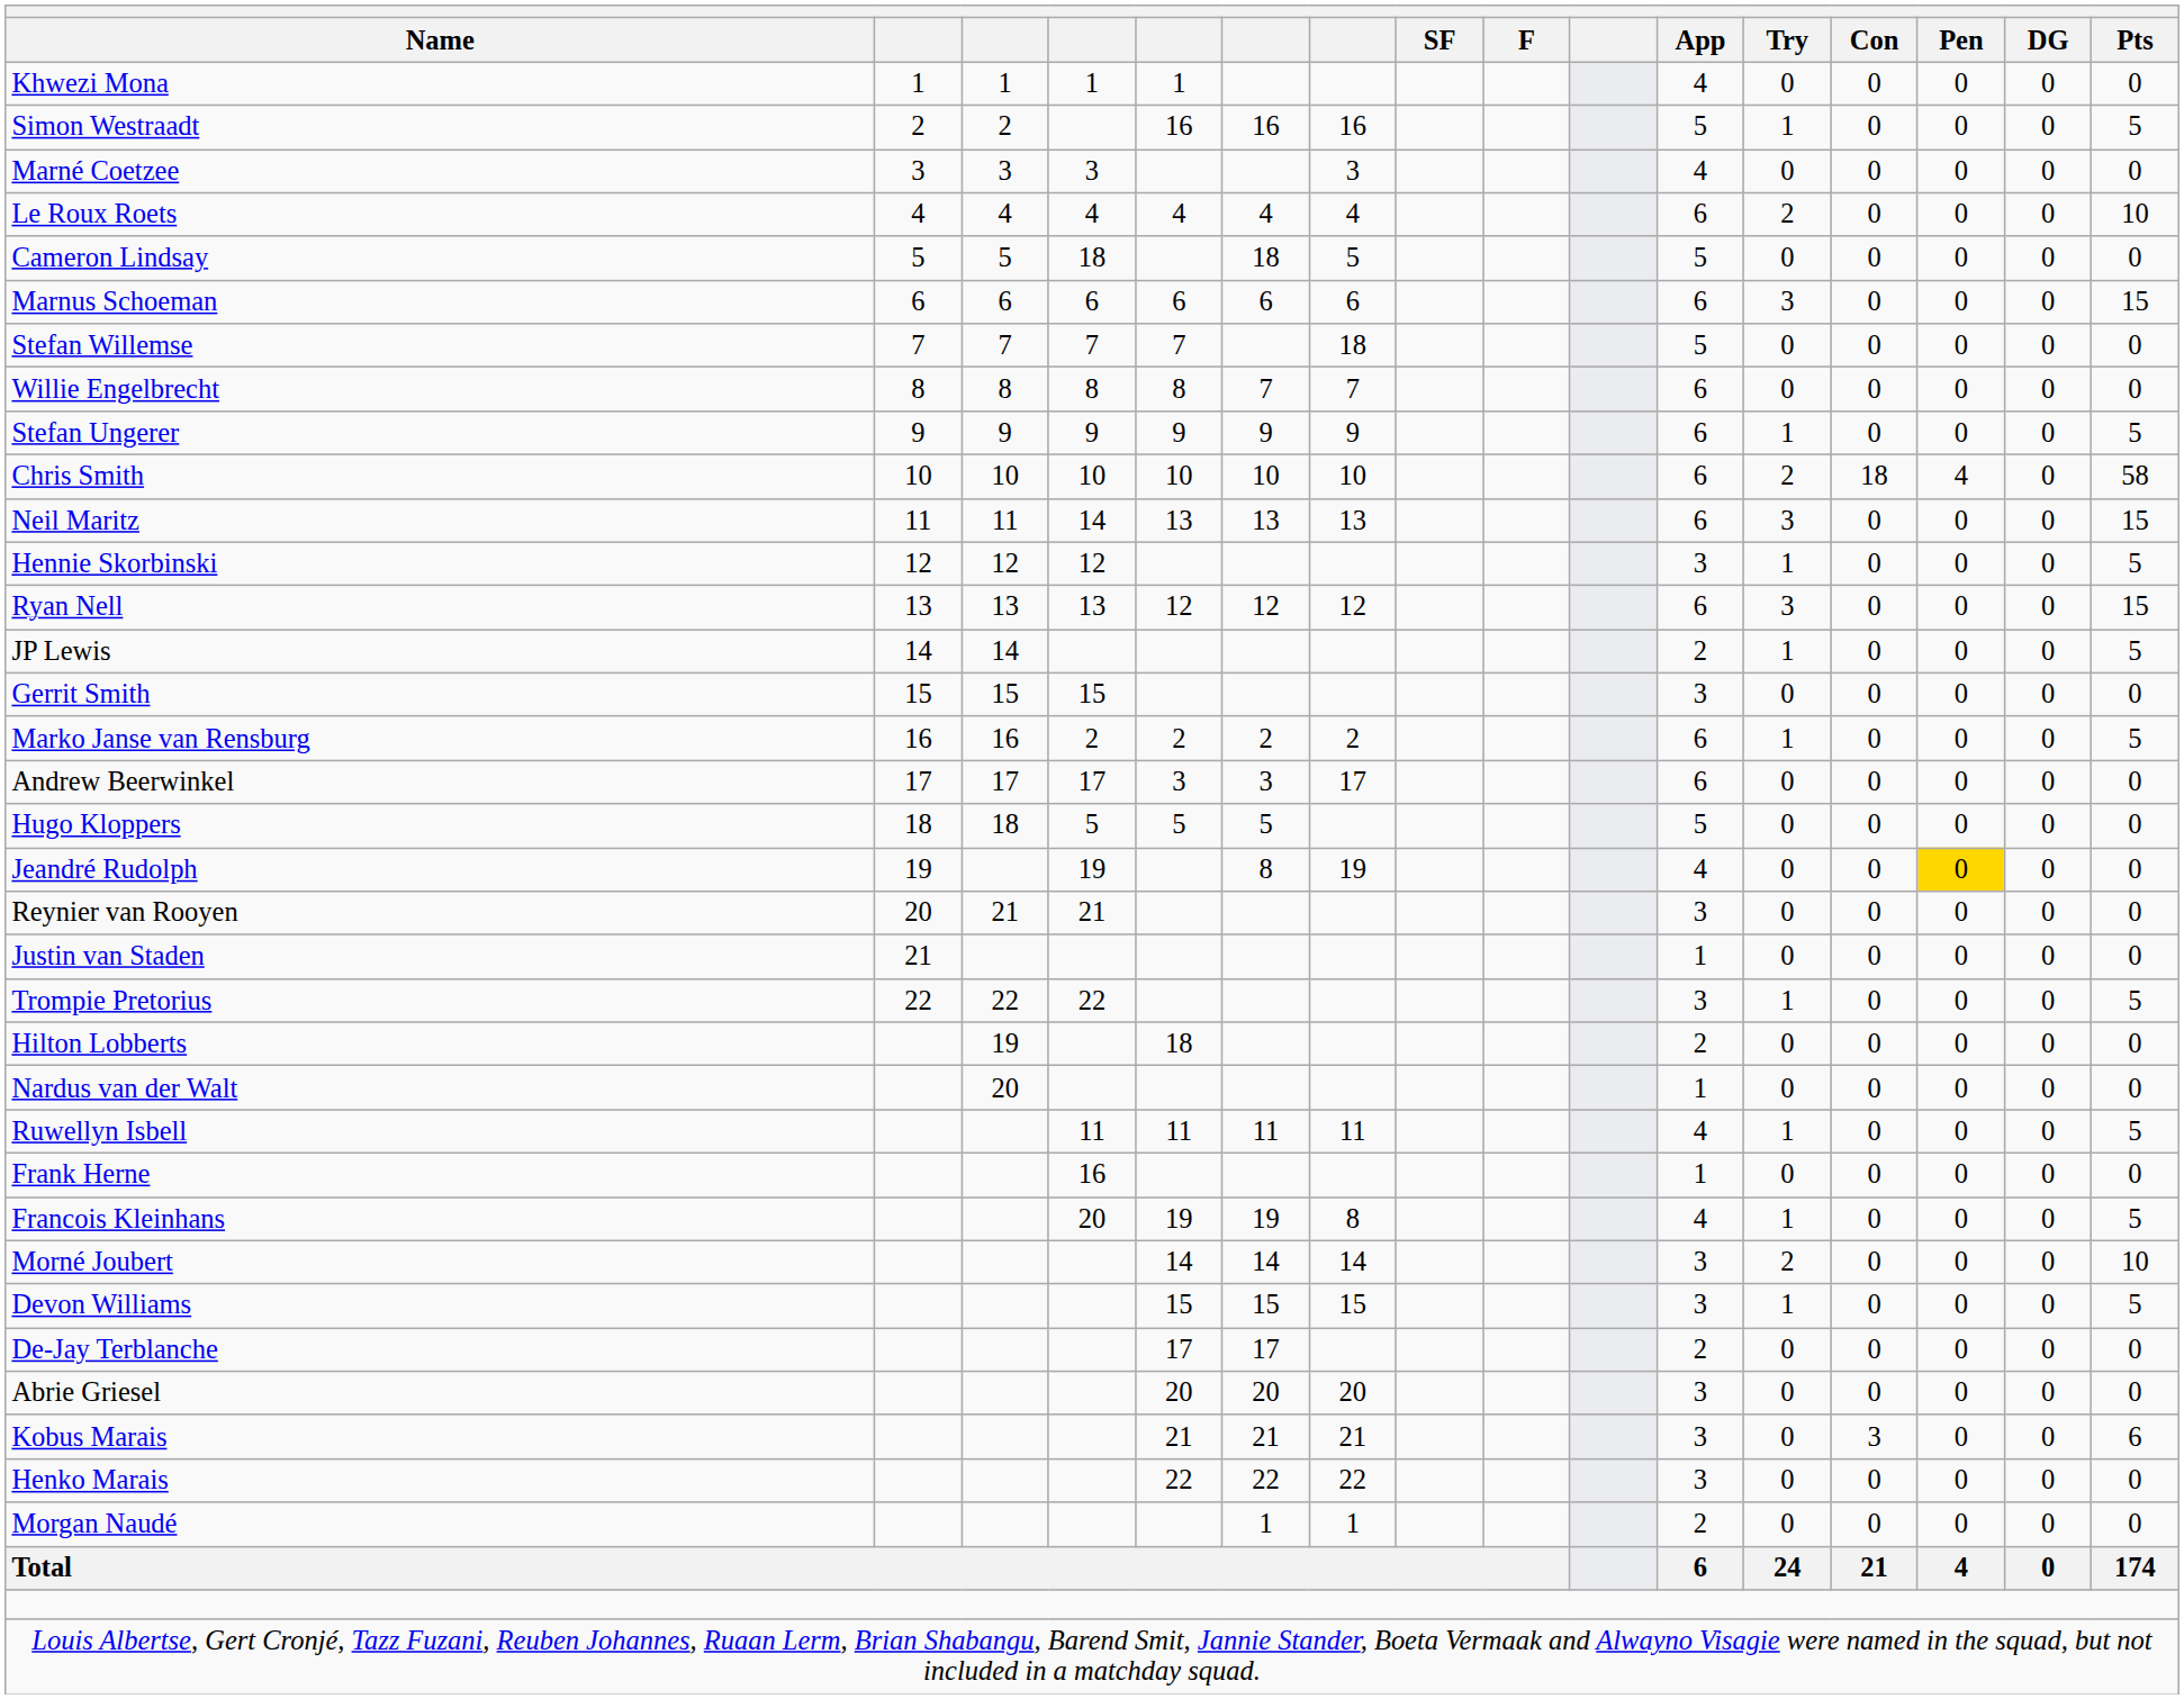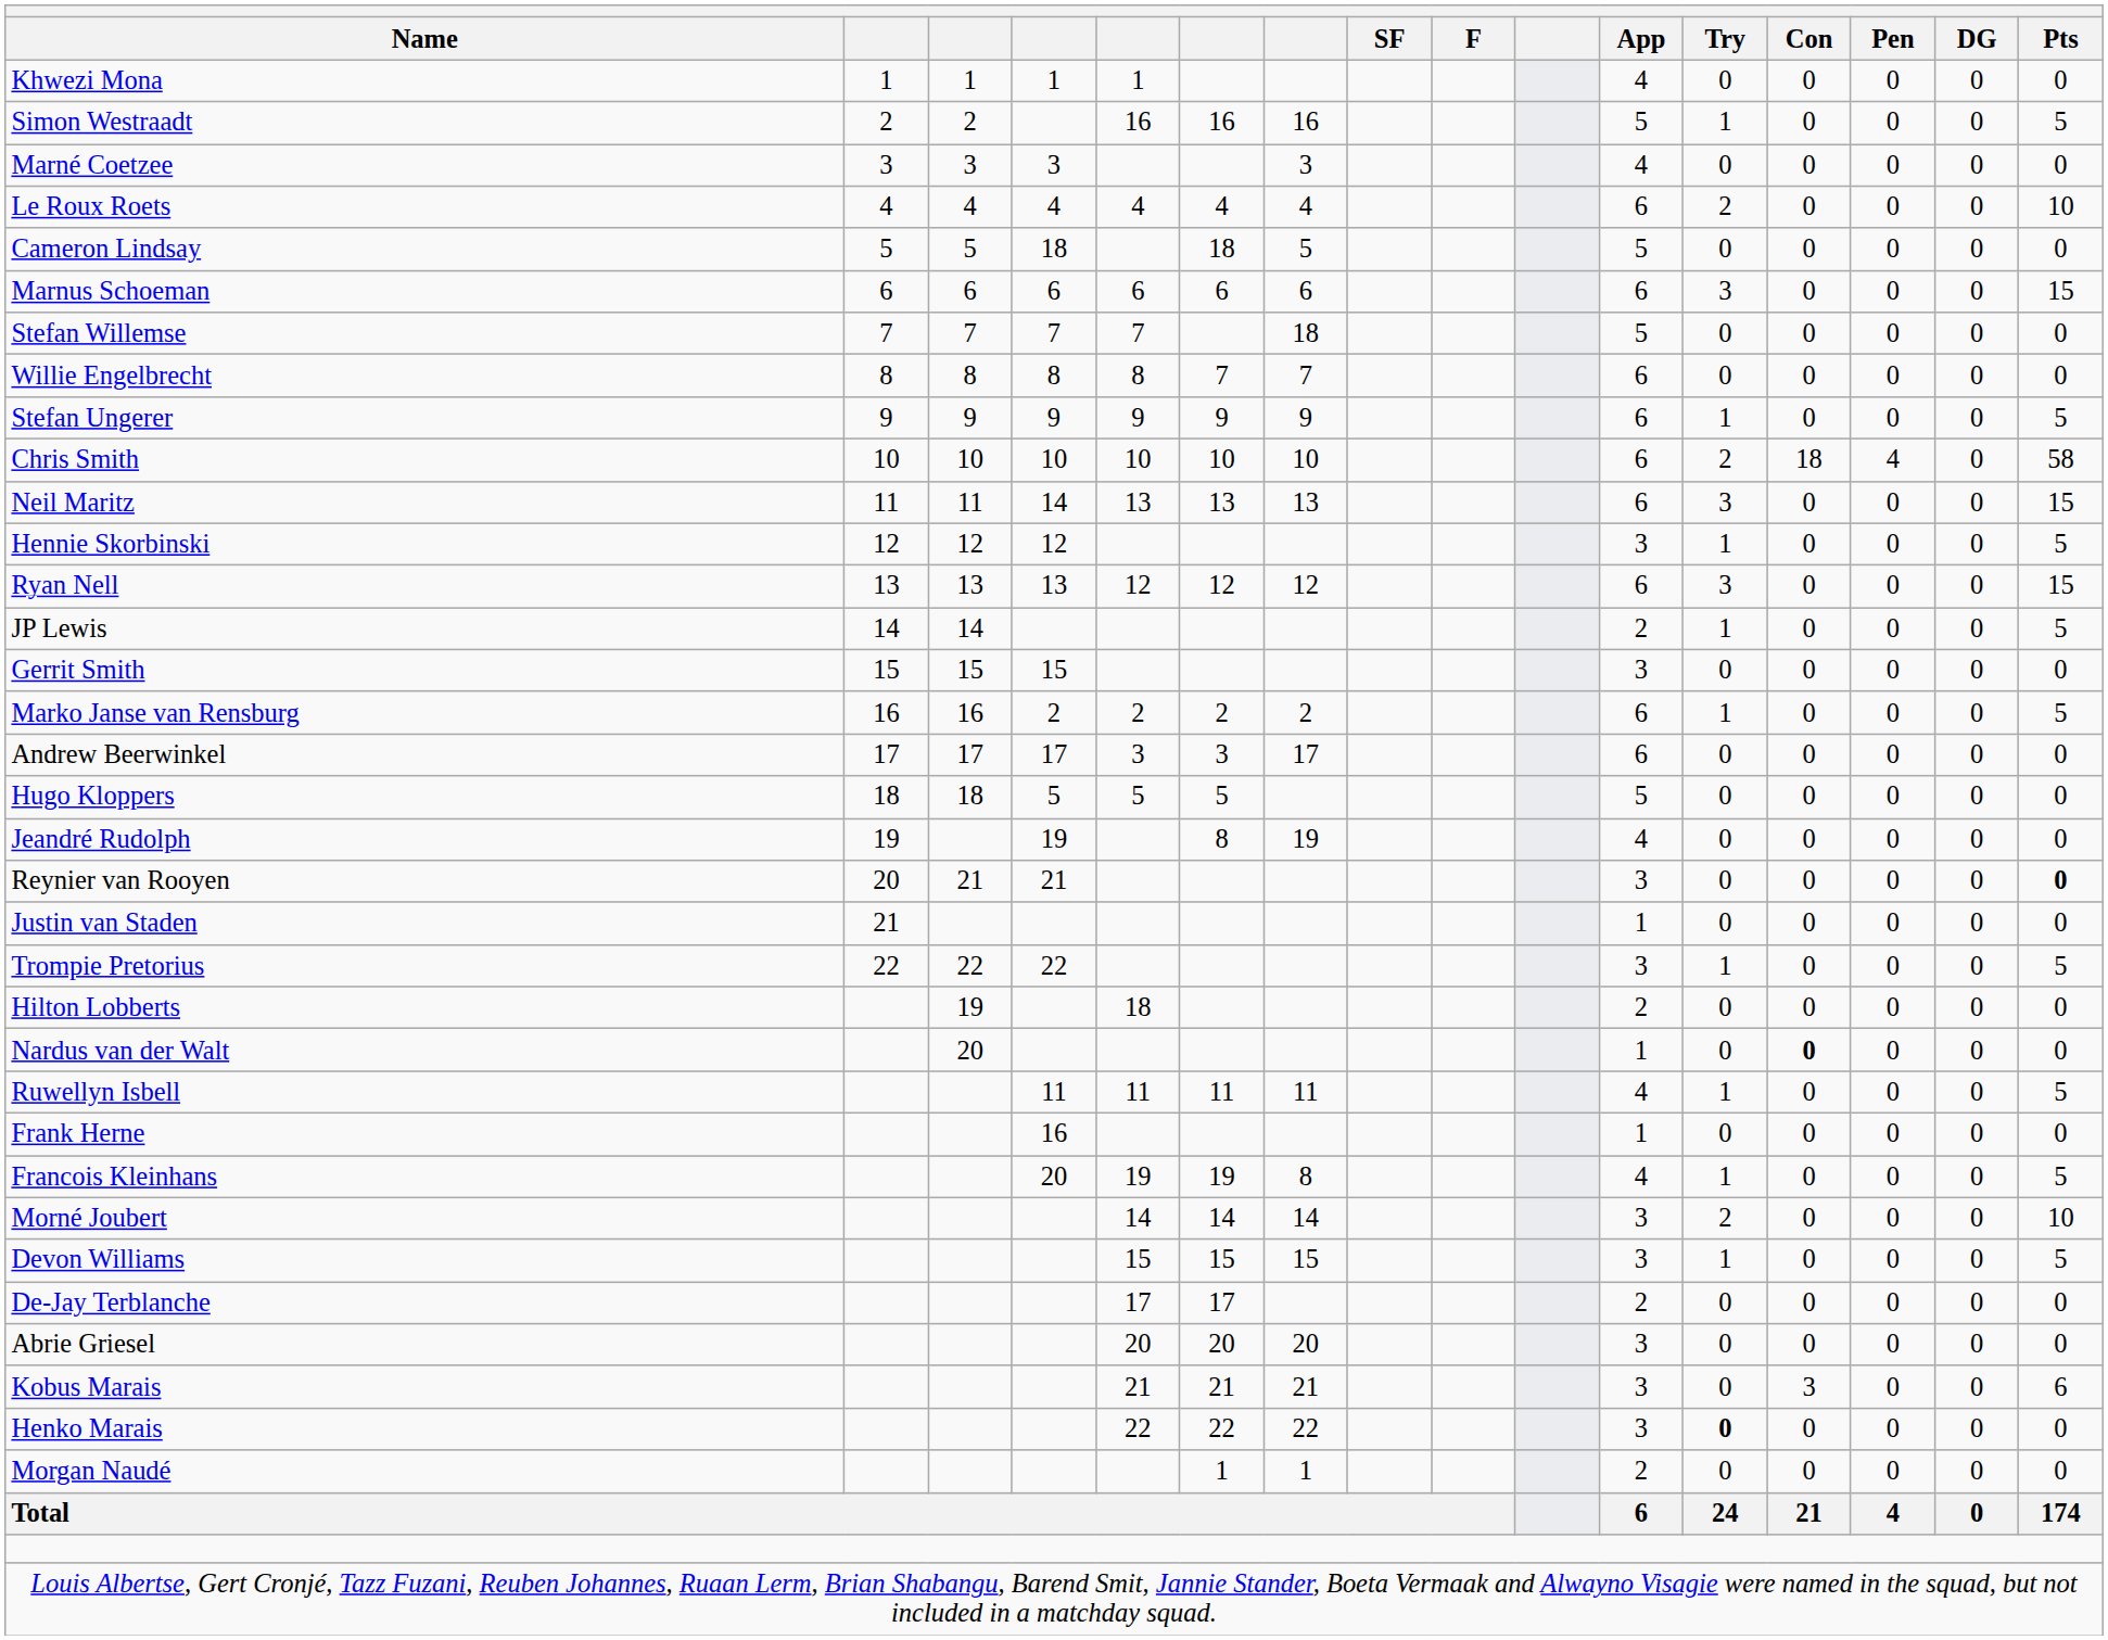 <table class="wikitable collapsible collapsed" style="text-align:center; font-size:100%; width:100%">
 <tr>
 <th colspan=16></th>
 </tr>
 <tr>
 <th style="width:40%;">Name</th>
 <th style="width:4%;"></th>
 <th style="width:4%;"></th>
 <th style="width:4%;"></th>
 <th style="width:4%;"></th>
 <th style="width:4%;"></th>
 <th style="width:4%;"></th>
 <th style="width:4%;">SF</th>
 <th style="width:4%;">F</th>
 <th style="width:4%;"></th>
 <th style="width:4%;">App</th>
 <th style="width:4%;">Try</th>
 <th style="width:4%;">Con</th>
 <th style="width:4%;">Pen</th>
 <th style="width:4%;">DG</th>
 <th style="width:4%;">Pts</th>
 </tr>
 <tr>
 <td style="text-align:left;"><a href='#'>Khwezi Mona</a></td>
 <td>1</td>
 <td>1</td>
 <td>1</td>
 <td>1</td>
 <td></td>
 <td></td>
 <td></td>
 <td></td>
 <td style="background:#EBECF0;"></td>
 <td>4</td>
 <td>0</td>
 <td>0</td>
 <td>0</td>
 <td>0</td>
 <td>0</td>
 </tr>
 <tr>
 <td style="text-align:left;"><a href='#'>Simon Westraadt</a></td>
 <td>2</td>
 <td>2</td>
 <td></td>
 <td>16 </td>
 <td>16 </td>
 <td>16 </td>
 <td></td>
 <td></td>
 <td style="background:#EBECF0;"></td>
 <td>5</td>
 <td>1</td>
 <td>0</td>
 <td>0</td>
 <td>0</td>
 <td>5</td>
 </tr>
 <tr>
 <td style="text-align:left;"><a href='#'>Marné Coetzee</a></td>
 <td>3</td>
 <td>3</td>
 <td>3</td>
 <td></td>
 <td></td>
 <td>3</td>
 <td></td>
 <td></td>
 <td style="background:#EBECF0;"></td>
 <td>4</td>
 <td>0</td>
 <td>0</td>
 <td>0</td>
 <td>0</td>
 <td>0</td>
 </tr>
 <tr>
 <td style="text-align:left;"><a href='#'>Le Roux Roets</a></td>
 <td>4</td>
 <td>4</td>
 <td>4</td>
 <td>4</td>
 <td>4</td>
 <td>4</td>
 <td></td>
 <td></td>
 <td style="background:#EBECF0;"></td>
 <td>6</td>
 <td>2</td>
 <td>0</td>
 <td>0</td>
 <td>0</td>
 <td>10</td>
 </tr>
 <tr>
 <td style="text-align:left;"><a href='#'>Cameron Lindsay</a></td>
 <td>5</td>
 <td>5</td>
 <td>18 </td>
 <td></td>
 <td>18 </td>
 <td>5</td>
 <td></td>
 <td></td>
 <td style="background:#EBECF0;"></td>
 <td>5</td>
 <td>0</td>
 <td>0</td>
 <td>0</td>
 <td>0</td>
 <td>0</td>
 </tr>
 <tr>
 <td style="text-align:left;"><a href='#'>Marnus Schoeman</a></td>
 <td>6</td>
 <td>6</td>
 <td>6</td>
 <td>6</td>
 <td>6</td>
 <td>6</td>
 <td></td>
 <td></td>
 <td style="background:#EBECF0;"></td>
 <td>6</td>
 <td>3</td>
 <td>0</td>
 <td>0</td>
 <td>0</td>
 <td>15</td>
 </tr>
 <tr>
 <td style="text-align:left;"><a href='#'>Stefan Willemse</a></td>
 <td>7</td>
 <td>7</td>
 <td>7</td>
 <td>7</td>
 <td></td>
 <td>18 </td>
 <td></td>
 <td></td>
 <td style="background:#EBECF0;"></td>
 <td>5</td>
 <td>0</td>
 <td>0</td>
 <td>0</td>
 <td>0</td>
 <td>0</td>
 </tr>
 <tr>
 <td style="text-align:left;"><a href='#'>Willie Engelbrecht</a></td>
 <td>8</td>
 <td>8</td>
 <td>8</td>
 <td>8</td>
 <td>7</td>
 <td>7</td>
 <td></td>
 <td></td>
 <td style="background:#EBECF0;"></td>
 <td>6</td>
 <td>0</td>
 <td>0</td>
 <td>0</td>
 <td>0</td>
 <td>0</td>
 </tr>
 <tr>
 <td style="text-align:left;"><a href='#'>Stefan Ungerer</a></td>
 <td>9</td>
 <td>9</td>
 <td>9</td>
 <td>9</td>
 <td>9</td>
 <td>9</td>
 <td></td>
 <td></td>
 <td style="background:#EBECF0;"></td>
 <td>6</td>
 <td>1</td>
 <td>0</td>
 <td>0</td>
 <td>0</td>
 <td>5</td>
 </tr>
 <tr>
 <td style="text-align:left;"><a href='#'>Chris Smith</a></td>
 <td>10</td>
 <td>10</td>
 <td>10</td>
 <td>10</td>
 <td>10</td>
 <td>10</td>
 <td></td>
 <td></td>
 <td style="background:#EBECF0;"></td>
 <td>6</td>
 <td>2</td>
 <td>18</td>
 <td>4</td>
 <td>0</td>
 <td>58</td>
 </tr>
 <tr>
 <td style="text-align:left;"><a href='#'>Neil Maritz</a></td>
 <td>11</td>
 <td>11</td>
 <td>14</td>
 <td>13</td>
 <td>13</td>
 <td>13</td>
 <td></td>
 <td></td>
 <td style="background:#EBECF0;"></td>
 <td>6</td>
 <td>3</td>
 <td>0</td>
 <td>0</td>
 <td>0</td>
 <td>15</td>
 </tr>
 <tr>
 <td style="text-align:left;"><a href='#'>Hennie Skorbinski</a></td>
 <td>12</td>
 <td>12</td>
 <td>12</td>
 <td></td>
 <td></td>
 <td></td>
 <td></td>
 <td></td>
 <td style="background:#EBECF0;"></td>
 <td>3</td>
 <td>1</td>
 <td>0</td>
 <td>0</td>
 <td>0</td>
 <td>5</td>
 </tr>
 <tr>
 <td style="text-align:left;"><a href='#'>Ryan Nell</a></td>
 <td>13</td>
 <td>13</td>
 <td>13</td>
 <td>12</td>
 <td>12</td>
 <td>12</td>
 <td></td>
 <td></td>
 <td style="background:#EBECF0;"></td>
 <td>6</td>
 <td>3</td>
 <td>0</td>
 <td>0</td>
 <td>0</td>
 <td>15</td>
 </tr>
 <tr>
 <td style="text-align:left;">JP Lewis</td>
 <td>14</td>
 <td>14</td>
 <td></td>
 <td></td>
 <td></td>
 <td></td>
 <td></td>
 <td></td>
 <td style="background:#EBECF0;"></td>
 <td>2</td>
 <td>1</td>
 <td>0</td>
 <td>0</td>
 <td>0</td>
 <td>5</td>
 </tr>
 <tr>
 <td style="text-align:left;"><a href='#'>Gerrit Smith</a></td>
 <td>15</td>
 <td>15</td>
 <td>15</td>
 <td></td>
 <td></td>
 <td></td>
 <td></td>
 <td></td>
 <td style="background:#EBECF0;"></td>
 <td>3</td>
 <td>0</td>
 <td>0</td>
 <td>0</td>
 <td>0</td>
 <td>0</td>
 </tr>
 <tr>
 <td style="text-align:left;"><a href='#'>Marko Janse van Rensburg</a></td>
 <td>16 </td>
 <td>16 </td>
 <td>2</td>
 <td>2</td>
 <td>2</td>
 <td>2</td>
 <td></td>
 <td></td>
 <td style="background:#EBECF0;"></td>
 <td>6</td>
 <td>1</td>
 <td>0</td>
 <td>0</td>
 <td>0</td>
 <td>5</td>
 </tr>
 <tr>
 <td style="text-align:left;">Andrew Beerwinkel</td>
 <td>17 </td>
 <td>17 </td>
 <td>17 </td>
 <td>3</td>
 <td>3</td>
 <td>17 </td>
 <td></td>
 <td></td>
 <td style="background:#EBECF0;"></td>
 <td>6</td>
 <td>0</td>
 <td>0</td>
 <td>0</td>
 <td>0</td>
 <td>0</td>
 </tr>
 <tr>
 <td style="text-align:left;"><a href='#'>Hugo Kloppers</a></td>
 <td>18 </td>
 <td>18 </td>
 <td>5</td>
 <td>5</td>
 <td>5</td>
 <td></td>
 <td></td>
 <td></td>
 <td style="background:#EBECF0;"></td>
 <td>5</td>
 <td>0</td>
 <td>0</td>
 <td>0</td>
 <td>0</td>
 <td>0</td>
 </tr>
 <tr>
 <td style="text-align:left;"><a href='#'>Jeandré Rudolph</a></td>
 <td>19 </td>
 <td></td>
 <td>19 </td>
 <td></td>
 <td>8</td>
 <td>19 </td>
 <td></td>
 <td></td>
 <td style="background:#EBECF0;"></td>
 <td>4</td>
 <td>0</td>
 <td>0</td>
-<td style="background: gold;">0</td>
+<td>0</td>
 <td>0</td>
 <td>0</td>
 </tr>
 <tr>
 <td style="text-align:left;">Reynier van Rooyen</td>
 <td>20 </td>
 <td>21 </td>
 <td>21 </td>
 <td></td>
 <td></td>
 <td></td>
 <td></td>
 <td></td>
 <td style="background:#EBECF0;"></td>
 <td>3</td>
 <td>0</td>
 <td>0</td>
 <td>0</td>
 <td>0</td>
-<td>0</td>
+<td><strong>0</strong></td>
 </tr>
 <tr>
 <td style="text-align:left;"><a href='#'>Justin van Staden</a></td>
 <td>21 </td>
 <td></td>
 <td></td>
 <td></td>
 <td></td>
 <td></td>
 <td></td>
 <td></td>
 <td style="background:#EBECF0;"></td>
 <td>1</td>
 <td>0</td>
 <td>0</td>
 <td>0</td>
 <td>0</td>
 <td>0</td>
 </tr>
 <tr>
 <td style="text-align:left;"><a href='#'>Trompie Pretorius</a></td>
 <td>22 </td>
 <td>22 </td>
 <td>22 </td>
 <td></td>
 <td></td>
 <td></td>
 <td></td>
 <td></td>
 <td style="background:#EBECF0;"></td>
 <td>3</td>
 <td>1</td>
 <td>0</td>
 <td>0</td>
 <td>0</td>
 <td>5</td>
 </tr>
 <tr>
 <td style="text-align:left;"><a href='#'>Hilton Lobberts</a></td>
 <td></td>
 <td>19 </td>
 <td></td>
 <td>18 </td>
 <td></td>
 <td></td>
 <td></td>
 <td></td>
 <td style="background:#EBECF0;"></td>
 <td>2</td>
 <td>0</td>
 <td>0</td>
 <td>0</td>
 <td>0</td>
 <td>0</td>
 </tr>
 <tr>
 <td style="text-align:left;"><a href='#'>Nardus van der Walt</a></td>
 <td></td>
 <td>20 </td>
 <td></td>
 <td></td>
 <td></td>
 <td></td>
 <td></td>
 <td></td>
 <td style="background:#EBECF0;"></td>
 <td>1</td>
 <td>0</td>
-<td>0</td>
+<td><strong>0</strong></td>
 <td>0</td>
 <td>0</td>
 <td>0</td>
 </tr>
 <tr>
 <td style="text-align:left;"><a href='#'>Ruwellyn Isbell</a></td>
 <td></td>
 <td></td>
 <td>11</td>
 <td>11</td>
 <td>11</td>
 <td>11</td>
 <td></td>
 <td></td>
 <td style="background:#EBECF0;"></td>
 <td>4</td>
 <td>1</td>
 <td>0</td>
 <td>0</td>
 <td>0</td>
 <td>5</td>
 </tr>
 <tr>
 <td style="text-align:left;"><a href='#'>Frank Herne</a></td>
 <td></td>
 <td></td>
 <td>16 </td>
 <td></td>
 <td></td>
 <td></td>
 <td></td>
 <td></td>
 <td style="background:#EBECF0;"></td>
 <td>1</td>
 <td>0</td>
 <td>0</td>
 <td>0</td>
 <td>0</td>
 <td>0</td>
 </tr>
 <tr>
 <td style="text-align:left;"><a href='#'>Francois Kleinhans</a></td>
 <td></td>
 <td></td>
 <td>20 </td>
 <td>19 </td>
 <td>19 </td>
 <td>8</td>
 <td></td>
 <td></td>
 <td style="background:#EBECF0;"></td>
 <td>4</td>
 <td>1</td>
 <td>0</td>
 <td>0</td>
 <td>0</td>
 <td>5</td>
 </tr>
 <tr>
 <td style="text-align:left;"><a href='#'>Morné Joubert</a></td>
 <td></td>
 <td></td>
 <td></td>
 <td>14</td>
 <td>14</td>
 <td>14</td>
 <td></td>
 <td></td>
 <td style="background:#EBECF0;"></td>
 <td>3</td>
 <td>2</td>
 <td>0</td>
 <td>0</td>
 <td>0</td>
 <td>10</td>
 </tr>
 <tr>
 <td style="text-align:left;"><a href='#'>Devon Williams</a></td>
 <td></td>
 <td></td>
 <td></td>
 <td>15</td>
 <td>15</td>
 <td>15</td>
 <td></td>
 <td></td>
 <td style="background:#EBECF0;"></td>
 <td>3</td>
 <td>1</td>
 <td>0</td>
 <td>0</td>
 <td>0</td>
 <td>5</td>
 </tr>
 <tr>
 <td style="text-align:left;"><a href='#'>De-Jay Terblanche</a></td>
 <td></td>
 <td></td>
 <td></td>
 <td>17 </td>
 <td>17 </td>
 <td></td>
 <td></td>
 <td></td>
 <td style="background:#EBECF0;"></td>
 <td>2</td>
 <td>0</td>
 <td>0</td>
 <td>0</td>
 <td>0</td>
 <td>0</td>
 </tr>
 <tr>
 <td style="text-align:left;">Abrie Griesel</td>
 <td></td>
 <td></td>
 <td></td>
 <td>20 </td>
 <td>20 </td>
 <td>20 </td>
 <td></td>
 <td></td>
 <td style="background:#EBECF0;"></td>
 <td>3</td>
 <td>0</td>
 <td>0</td>
 <td>0</td>
 <td>0</td>
 <td>0</td>
 </tr>
 <tr>
 <td style="text-align:left;"><a href='#'>Kobus Marais</a></td>
 <td></td>
 <td></td>
 <td></td>
 <td>21 </td>
 <td>21 </td>
 <td>21 </td>
 <td></td>
 <td></td>
 <td style="background:#EBECF0;"></td>
 <td>3</td>
 <td>0</td>
 <td>3</td>
 <td>0</td>
 <td>0</td>
 <td>6</td>
 </tr>
 <tr>
 <td style="text-align:left;"><a href='#'>Henko Marais</a></td>
 <td></td>
 <td></td>
 <td></td>
 <td>22 </td>
 <td>22 </td>
 <td>22 </td>
 <td></td>
 <td></td>
 <td style="background:#EBECF0;"></td>
 <td>3</td>
-<td>0</td>
+<td><strong>0</strong></td>
 <td>0</td>
 <td>0</td>
 <td>0</td>
 <td>0</td>
 </tr>
 <tr>
 <td style="text-align:left;"><a href='#'>Morgan Naudé</a></td>
 <td></td>
 <td></td>
 <td></td>
 <td></td>
 <td>1</td>
 <td>1</td>
 <td></td>
 <td></td>
 <td style="background:#EBECF0;"></td>
 <td>2</td>
 <td>0</td>
 <td>0</td>
 <td>0</td>
 <td>0</td>
 <td>0</td>
 </tr>
 <tr>
 <th colspan="9" style="text-align:left;">Total</th>
 <th style="background:#EBECF0;"></th>
 <th>6</th>
 <th>24</th>
 <th>21</th>
 <th>4</th>
 <th>0</th>
 <th>174</th>
 </tr>
 <tr class="sortbottom">
 <td colspan=16 style="height: 10px;"></td>
 </tr>
 <tr class="sortbottom">
 <td colspan=16 style="text-align:center;"><em><a href='#'>Louis Albertse</a>, Gert Cronjé, <a href='#'>Tazz Fuzani</a>, <a href='#'>Reuben Johannes</a>, <a href='#'>Ruaan Lerm</a>, <a href='#'>Brian Shabangu</a>, Barend Smit, <a href='#'>Jannie Stander</a>, Boeta Vermaak and <a href='#'>Alwayno Visagie</a> were named in the squad, but not included in a matchday squad.</em></td>
 </tr>
 </table>
